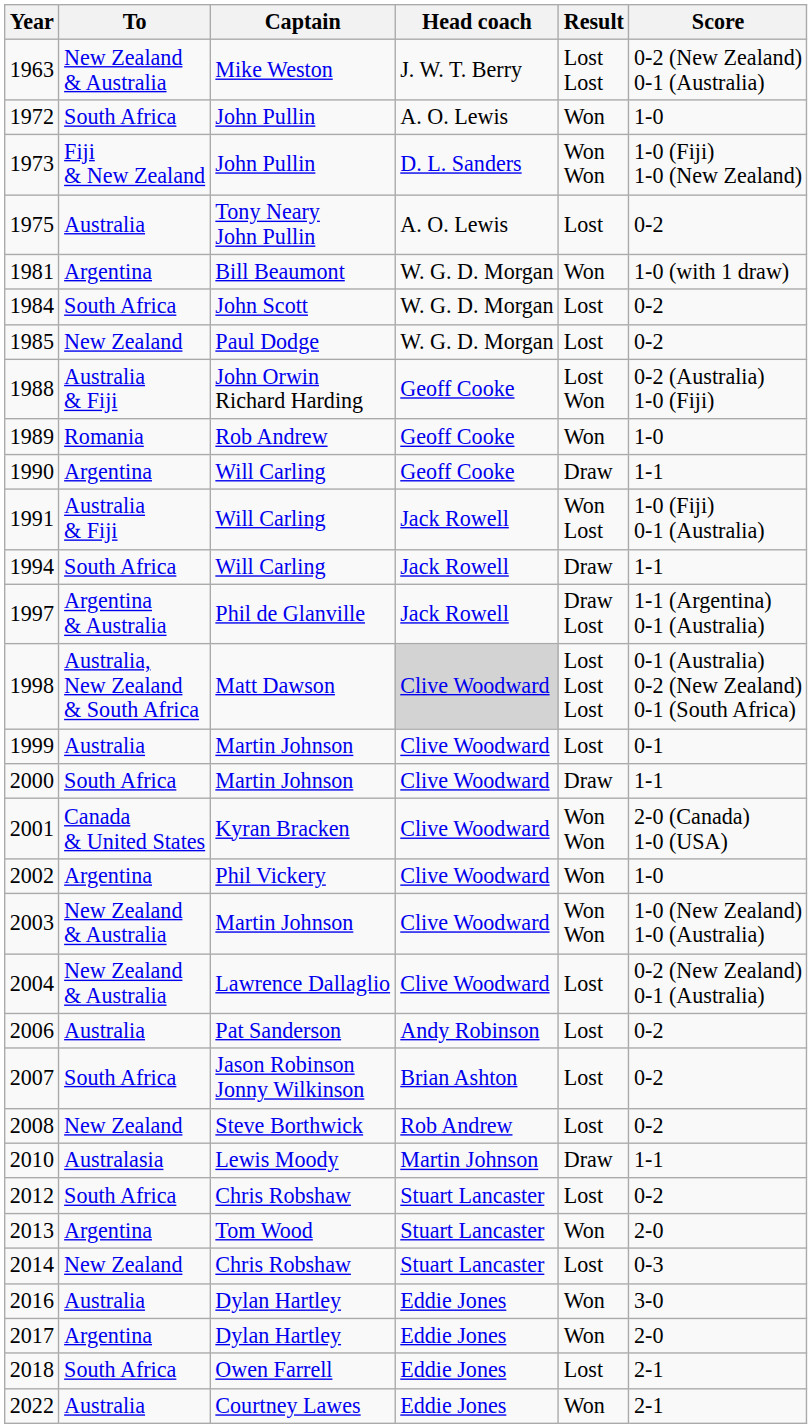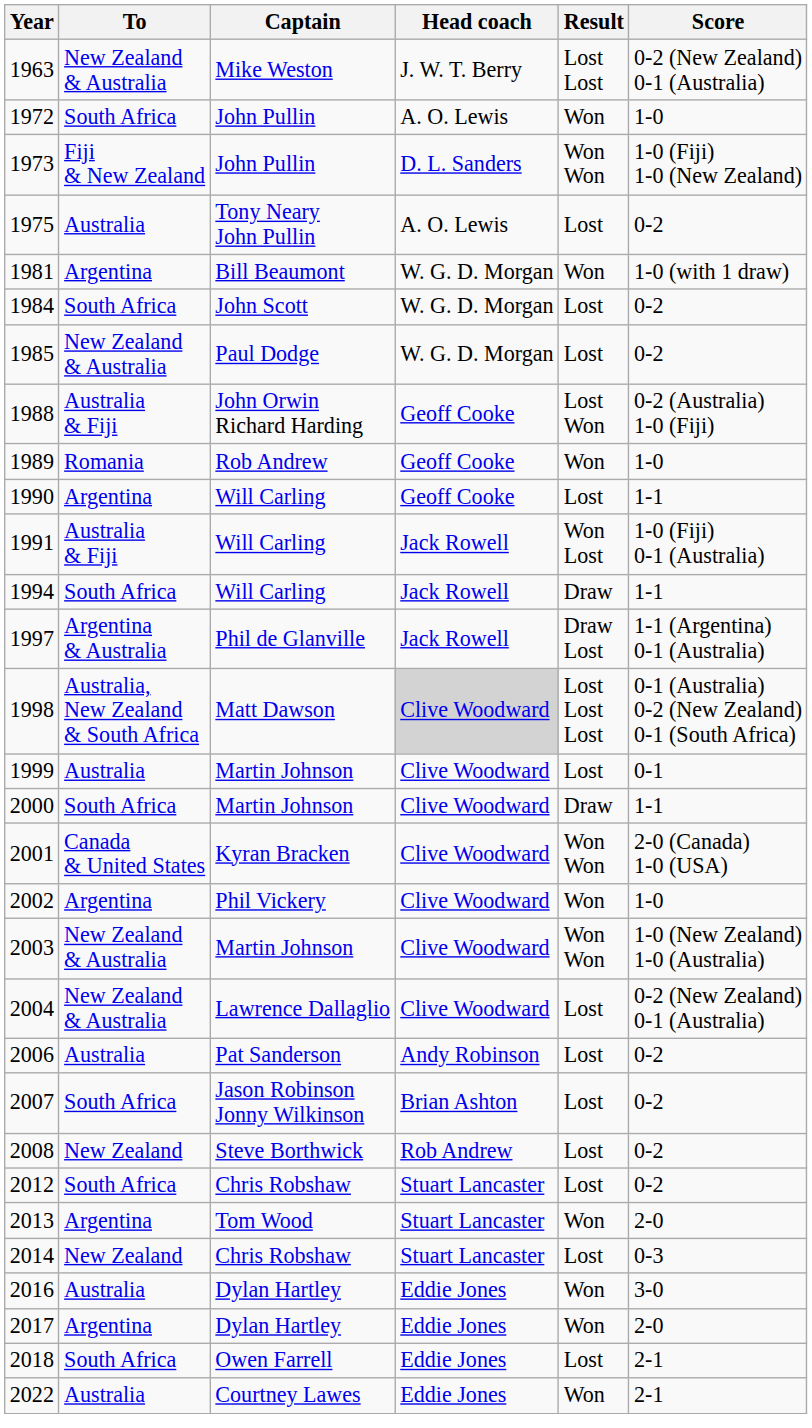 <table class="wikitable" style="align:center">
 <tr>
 <th>Year</th>
 <th>To</th>
 <th>Captain</th>
 <th>Head coach</th>
 <th>Result</th>
 <th>Score</th>
 </tr>
 <tr>
 <td>1963</td>
 <td><a href='#'>New Zealand<br> & Australia</a></td>
 <td><a href='#'>Mike Weston</a></td>
 <td>J. W. T. Berry</td>
 <td>Lost <br> Lost</td>
 <td>0-2 (New Zealand) <br> 0-1 (Australia)</td>
 </tr>
 <tr>
 <td>1972</td>
 <td><a href='#'>South Africa</a></td>
 <td><a href='#'>John Pullin</a></td>
 <td>A. O. Lewis</td>
 <td>Won</td>
 <td>1-0</td>
 </tr>
 <tr>
 <td>1973</td>
 <td><a href='#'>Fiji<br> & New Zealand</a></td>
 <td><a href='#'>John Pullin</a></td>
 <td><a href='#'>D. L. Sanders</a></td>
 <td>Won <br> Won</td>
 <td>1-0 (Fiji) <br> 1-0 (New Zealand)</td>
 </tr>
 <tr>
 <td>1975</td>
 <td><a href='#'>Australia</a></td>
 <td><a href='#'>Tony Neary</a><br> <a href='#'>John Pullin</a></td>
 <td>A. O. Lewis</td>
 <td>Lost</td>
 <td>0-2</td>
 </tr>
 <tr>
 <td>1981</td>
 <td><a href='#'>Argentina</a></td>
 <td><a href='#'>Bill Beaumont</a></td>
 <td>W. G. D. Morgan</td>
 <td>Won</td>
 <td>1-0 (with 1 draw)</td>
 </tr>
 <tr>
 <td>1984</td>
 <td><a href='#'>South Africa</a></td>
 <td><a href='#'>John Scott</a></td>
 <td>W. G. D. Morgan</td>
 <td>Lost</td>
 <td>0-2</td>
 </tr>
 <tr>
 <td>1985</td>
-<td><a href='#'>New Zealand</a></td>
+<td><a href='#'>New Zealand<br> & Australia</a></td>
 <td><a href='#'>Paul Dodge</a></td>
 <td>W. G. D. Morgan</td>
 <td>Lost</td>
 <td>0-2</td>
 </tr>
 <tr>
 <td>1988</td>
 <td><a href='#'>Australia<br> & Fiji</a></td>
 <td><a href='#'>John Orwin</a> <br> Richard Harding</td>
 <td><a href='#'>Geoff Cooke</a></td>
 <td>Lost <br> Won</td>
 <td>0-2 (Australia) <br> 1-0 (Fiji)</td>
 </tr>
 <tr>
 <td>1989</td>
 <td><a href='#'>Romania</a></td>
 <td><a href='#'>Rob Andrew</a></td>
 <td><a href='#'>Geoff Cooke</a></td>
 <td>Won</td>
 <td>1-0</td>
 </tr>
 <tr>
 <td>1990</td>
 <td><a href='#'>Argentina</a></td>
 <td><a href='#'>Will Carling</a></td>
 <td><a href='#'>Geoff Cooke</a></td>
-<td>Draw</td>
+<td>Lost</td>
 <td>1-1</td>
 </tr>
 <tr>
 <td>1991</td>
 <td><a href='#'>Australia<br> & Fiji</a></td>
 <td><a href='#'>Will Carling</a></td>
 <td><a href='#'>Jack Rowell</a></td>
 <td>Won <br> Lost</td>
 <td>1-0 (Fiji) <br> 0-1 (Australia)</td>
 </tr>
 <tr>
 <td>1994</td>
 <td><a href='#'>South Africa</a></td>
 <td><a href='#'>Will Carling</a></td>
 <td><a href='#'>Jack Rowell</a></td>
 <td>Draw</td>
 <td>1-1</td>
 </tr>
 <tr>
 <td>1997</td>
 <td><a href='#'>Argentina<br> & Australia</a></td>
 <td><a href='#'>Phil de Glanville</a></td>
 <td><a href='#'>Jack Rowell</a></td>
 <td>Draw <br> Lost</td>
 <td>1-1 (Argentina) <br> 0-1 (Australia)</td>
 </tr>
 <tr>
 <td>1998</td>
 <td><a href='#'>Australia,<br> New Zealand<br> & South Africa</a></td>
 <td><a href='#'>Matt Dawson</a></td>
 <td style="background: lightgrey;"><a href='#'>Clive Woodward</a></td>
 <td>Lost <br> Lost <br> Lost</td>
 <td>0-1 (Australia) <br> 0-2 (New Zealand) <br> 0-1 (South Africa)</td>
 </tr>
 <tr>
 <td>1999</td>
 <td><a href='#'>Australia</a></td>
 <td><a href='#'>Martin Johnson</a></td>
 <td><a href='#'>Clive Woodward</a></td>
 <td>Lost</td>
 <td>0-1</td>
 </tr>
 <tr>
 <td>2000</td>
 <td><a href='#'>South Africa</a></td>
 <td><a href='#'>Martin Johnson</a></td>
 <td><a href='#'>Clive Woodward</a></td>
 <td>Draw</td>
 <td>1-1</td>
 </tr>
 <tr>
 <td>2001</td>
 <td><a href='#'>Canada<br> & United States</a></td>
 <td><a href='#'>Kyran Bracken</a></td>
 <td><a href='#'>Clive Woodward</a></td>
 <td>Won <br> Won</td>
 <td>2-0 (Canada) <br> 1-0 (USA)</td>
 </tr>
 <tr>
 <td>2002</td>
 <td><a href='#'>Argentina</a></td>
 <td><a href='#'>Phil Vickery</a></td>
 <td><a href='#'>Clive Woodward</a></td>
 <td>Won</td>
 <td>1-0</td>
 </tr>
 <tr>
 <td>2003</td>
 <td><a href='#'>New Zealand<br> & Australia</a></td>
 <td><a href='#'>Martin Johnson</a></td>
 <td><a href='#'>Clive Woodward</a></td>
 <td>Won <br> Won</td>
 <td>1-0 (New Zealand) <br> 1-0 (Australia)</td>
 </tr>
 <tr>
 <td>2004</td>
 <td><a href='#'>New Zealand<br> & Australia</a></td>
 <td><a href='#'>Lawrence Dallaglio</a></td>
 <td><a href='#'>Clive Woodward</a></td>
 <td>Lost</td>
 <td>0-2 (New Zealand) <br> 0-1 (Australia)</td>
 </tr>
 <tr>
 <td>2006</td>
 <td><a href='#'>Australia</a></td>
 <td><a href='#'>Pat Sanderson</a></td>
 <td><a href='#'>Andy Robinson</a></td>
 <td>Lost</td>
 <td>0-2</td>
 </tr>
 <tr>
 <td>2007</td>
 <td><a href='#'>South Africa</a></td>
 <td><a href='#'>Jason Robinson</a> <br> <a href='#'>Jonny Wilkinson</a></td>
 <td><a href='#'>Brian Ashton</a></td>
 <td>Lost</td>
 <td>0-2</td>
 </tr>
 <tr>
 <td>2008</td>
 <td><a href='#'>New Zealand</a></td>
 <td><a href='#'>Steve Borthwick</a></td>
 <td><a href='#'>Rob Andrew</a></td>
 <td>Lost</td>
 <td>0-2</td>
 </tr>
 <tr>
-<td>2010</td>
-<td><a href='#'>Australasia</a></td>
-<td><a href='#'>Lewis Moody</a></td>
-<td><a href='#'>Martin Johnson</a></td>
-<td>Draw</td>
-<td>1-1</td>
-</tr>
-<tr>
 <td>2012</td>
 <td><a href='#'>South Africa</a></td>
 <td><a href='#'>Chris Robshaw</a></td>
 <td><a href='#'>Stuart Lancaster</a></td>
 <td>Lost</td>
 <td>0-2</td>
 </tr>
 <tr>
 <td>2013</td>
 <td><a href='#'>Argentina</a></td>
 <td><a href='#'>Tom Wood</a></td>
 <td><a href='#'>Stuart Lancaster</a></td>
 <td>Won</td>
 <td>2-0</td>
 </tr>
 <tr>
 <td>2014</td>
 <td><a href='#'>New Zealand</a></td>
 <td><a href='#'>Chris Robshaw</a></td>
 <td><a href='#'>Stuart Lancaster</a></td>
 <td>Lost</td>
 <td>0-3</td>
 </tr>
 <tr>
 <td>2016</td>
 <td><a href='#'>Australia</a></td>
 <td><a href='#'>Dylan Hartley</a></td>
 <td> <a href='#'>Eddie Jones</a></td>
 <td>Won</td>
 <td>3-0</td>
 </tr>
 <tr>
 <td>2017</td>
 <td><a href='#'>Argentina</a></td>
 <td><a href='#'>Dylan Hartley</a></td>
 <td> <a href='#'>Eddie Jones</a></td>
 <td>Won</td>
 <td>2-0</td>
 </tr>
 <tr>
 <td>2018</td>
 <td><a href='#'>South Africa</a></td>
 <td><a href='#'>Owen Farrell</a></td>
 <td> <a href='#'>Eddie Jones</a></td>
 <td>Lost</td>
 <td>2-1</td>
 </tr>
 <tr>
 <td>2022</td>
 <td><a href='#'>Australia</a></td>
 <td><a href='#'>Courtney Lawes</a></td>
 <td> <a href='#'>Eddie Jones</a></td>
 <td>Won</td>
 <td>2-1</td>
 </tr>
 </table>
